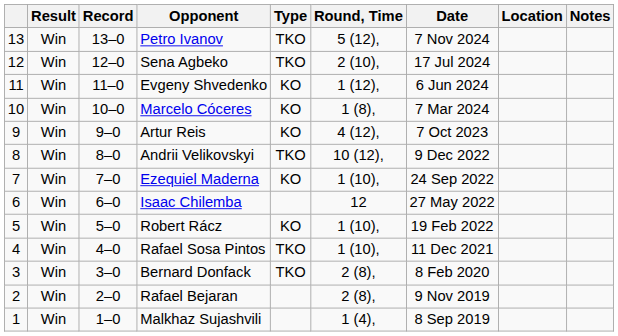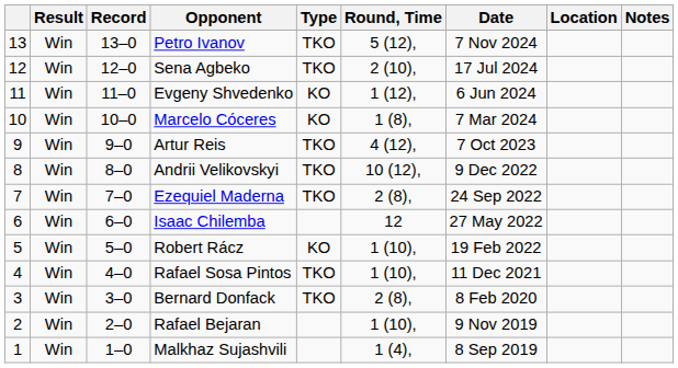 <table class="wikitable" style="text-align:center">
 <tr>
 <th></th>
 <th>Result</th>
 <th>Record</th>
 <th>Opponent</th>
 <th>Type</th>
 <th>Round, Time</th>
 <th>Date</th>
 <th>Location</th>
 <th>Notes</th>
 </tr>
 <tr>
 <td>13</td>
 <td>Win</td>
 <td>13–0</td>
 <td align=left><a href='#'>Petro Ivanov</a></td>
 <td>TKO</td>
 <td>5 (12), </td>
 <td>7 Nov 2024</td>
 <td align=left></td>
 <td align=left></td>
 </tr>
 <tr>
 <td>12</td>
 <td>Win</td>
 <td>12–0</td>
 <td align=left>Sena Agbeko</td>
 <td>TKO</td>
 <td>2 (10), </td>
 <td>17 Jul 2024</td>
 <td align=left></td>
 <td></td>
 </tr>
 <tr>
 <td>11</td>
 <td>Win</td>
 <td>11–0</td>
 <td align=left>Evgeny Shvedenko</td>
 <td>KO</td>
 <td>1 (12), </td>
 <td>6 Jun 2024</td>
 <td align=left></td>
 <td align=left></td>
 </tr>
 <tr>
 <td>10</td>
 <td>Win</td>
 <td>10–0</td>
 <td align=left><a href='#'>Marcelo Cóceres</a></td>
 <td>KO</td>
 <td>1 (8), </td>
 <td>7 Mar 2024</td>
 <td align=left></td>
 <td></td>
 </tr>
 <tr>
 <td>9</td>
 <td>Win</td>
 <td>9–0</td>
 <td align=left>Artur Reis</td>
-<td>KO</td>
+<td>TKO</td>
 <td>4 (12), </td>
 <td>7 Oct 2023</td>
 <td align=left></td>
 <td align=left></td>
 </tr>
 <tr>
 <td>8</td>
 <td>Win</td>
 <td>8–0</td>
 <td align=left>Andrii Velikovskyi</td>
 <td>TKO</td>
 <td>10 (12), </td>
 <td>9 Dec 2022</td>
 <td align=left></td>
 <td align=left></td>
 </tr>
 <tr>
 <td>7</td>
 <td>Win</td>
 <td>7–0</td>
 <td align=left><a href='#'>Ezequiel Maderna</a></td>
-<td>KO</td>
-<td>1 (10), </td>
+<td>TKO</td>
+<td>2 (8), </td>
 <td>24 Sep 2022</td>
 <td align=left></td>
 <td></td>
 </tr>
 <tr>
 <td>6</td>
 <td>Win</td>
 <td>6–0</td>
 <td align=left><a href='#'>Isaac Chilemba</a></td>
 <td></td>
 <td>12</td>
 <td>27 May 2022</td>
 <td align=left></td>
 <td align=left></td>
 </tr>
 <tr>
 <td>5</td>
 <td>Win</td>
 <td>5–0</td>
 <td align=left>Robert Rácz</td>
 <td>KO</td>
 <td>1 (10), </td>
 <td>19 Feb 2022</td>
 <td align="left"></td>
 <td align="left"></td>
 </tr>
 <tr>
 <td>4</td>
 <td>Win</td>
 <td>4–0</td>
 <td align=left>Rafael Sosa Pintos</td>
 <td>TKO</td>
 <td>1 (10), </td>
 <td>11 Dec 2021</td>
 <td align=left></td>
 <td></td>
 </tr>
 <tr>
 <td>3</td>
 <td>Win</td>
 <td>3–0</td>
 <td align=left>Bernard Donfack</td>
 <td>TKO</td>
 <td>2 (8), </td>
 <td>8 Feb 2020</td>
 <td align=left></td>
 <td></td>
 </tr>
 <tr>
 <td>2</td>
 <td>Win</td>
 <td>2–0</td>
 <td align=left>Rafael Bejaran</td>
 <td></td>
-<td>2 (8), </td>
+<td>1 (10), </td>
 <td>9 Nov 2019</td>
 <td align=left></td>
 <td></td>
 </tr>
 <tr>
 <td>1</td>
 <td>Win</td>
 <td>1–0</td>
 <td align=left>Malkhaz Sujashvili</td>
 <td></td>
 <td>1 (4), </td>
 <td>8 Sep 2019</td>
 <td align=left></td>
 <td></td>
 </tr>
 </table>
